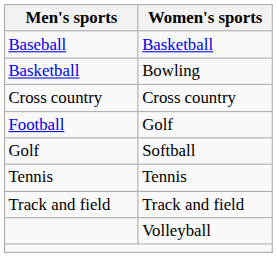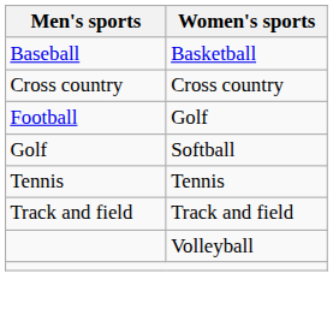 <table class="wikitable" style=" ">
 <tr>
 <th width=120px;>Men's sports</th>
 <th width=120px;>Women's sports</th>
 </tr>
 <tr>
 <td><a href='#'>Baseball</a></td>
 <td><a href='#'>Basketball</a></td>
-</tr>
-<tr>
-<td><a href='#'>Basketball</a></td>
-<td>Bowling</td>
 </tr>
 <tr>
 <td>Cross country</td>
 <td>Cross country</td>
 </tr>
 <tr>
 <td><a href='#'>Football</a></td>
 <td>Golf</td>
 </tr>
 <tr>
 <td>Golf</td>
 <td>Softball</td>
 </tr>
 <tr>
 <td>Tennis</td>
 <td>Tennis</td>
 </tr>
 <tr>
 <td>Track and field</td>
 <td>Track and field</td>
 </tr>
 <tr>
 <td></td>
 <td>Volleyball</td>
 </tr>
 <tr>
 <td colspan="2"></td>
 </tr>
 </table>
